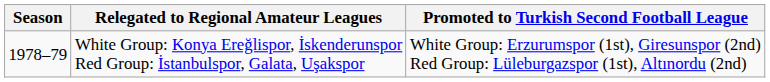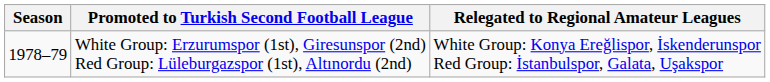 <table class="wikitable">
 <tr>
 <th>Season</th>
+<th>Promoted to <a href='#'>Turkish Second Football League</a></th>
 <th>Relegated to Regional Amateur Leagues</th>
-<th>Promoted to <a href='#'>Turkish Second Football League</a></th>
 </tr>
 <tr>
 <td>1978–79</td>
+<td>White Group: <a href='#'>Erzurumspor</a> (1st), <a href='#'>Giresunspor</a> (2nd)<br>Red Group: <a href='#'>Lüleburgazspor</a> (1st), <a href='#'>Altınordu</a> (2nd)</td>
 <td>White Group: <a href='#'>Konya Ereğlispor</a>, <a href='#'>İskenderunspor</a><br>Red Group: <a href='#'>İstanbulspor</a>, <a href='#'>Galata</a>, <a href='#'>Uşakspor</a></td>
-<td>White Group: <a href='#'>Erzurumspor</a> (1st), <a href='#'>Giresunspor</a> (2nd)<br>Red Group: <a href='#'>Lüleburgazspor</a> (1st), <a href='#'>Altınordu</a> (2nd)</td>
 </tr>
 </table>
